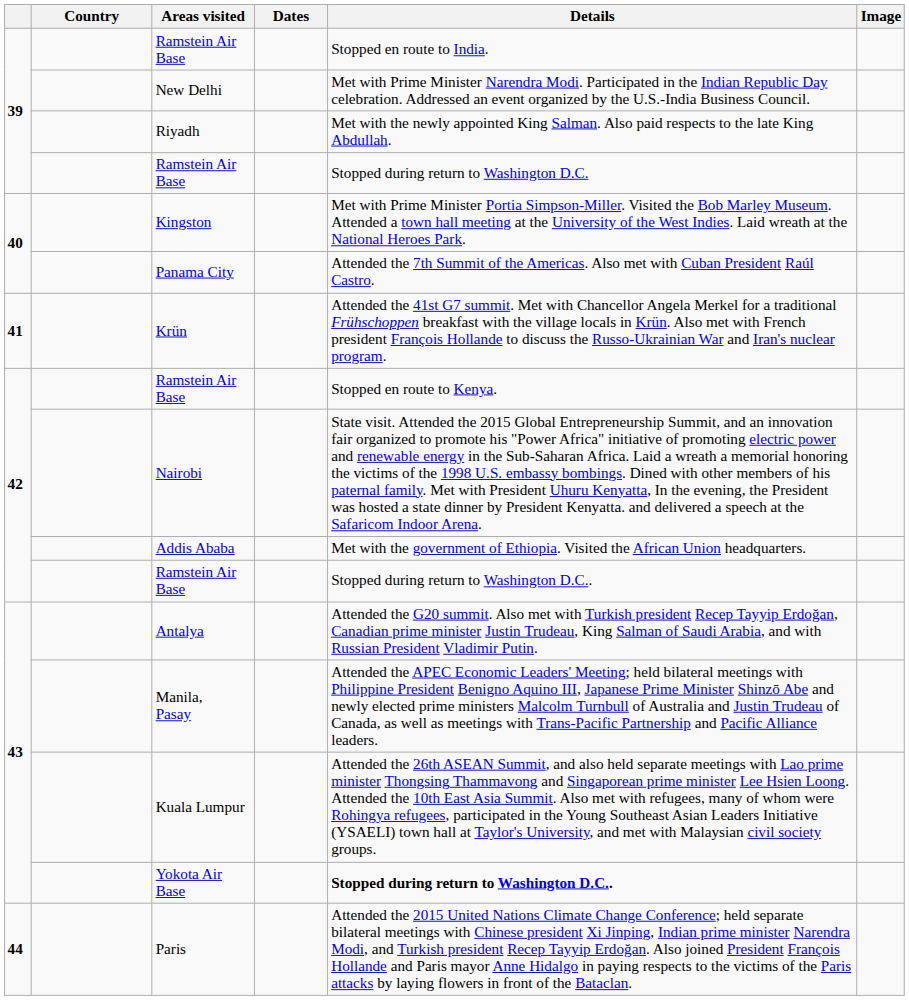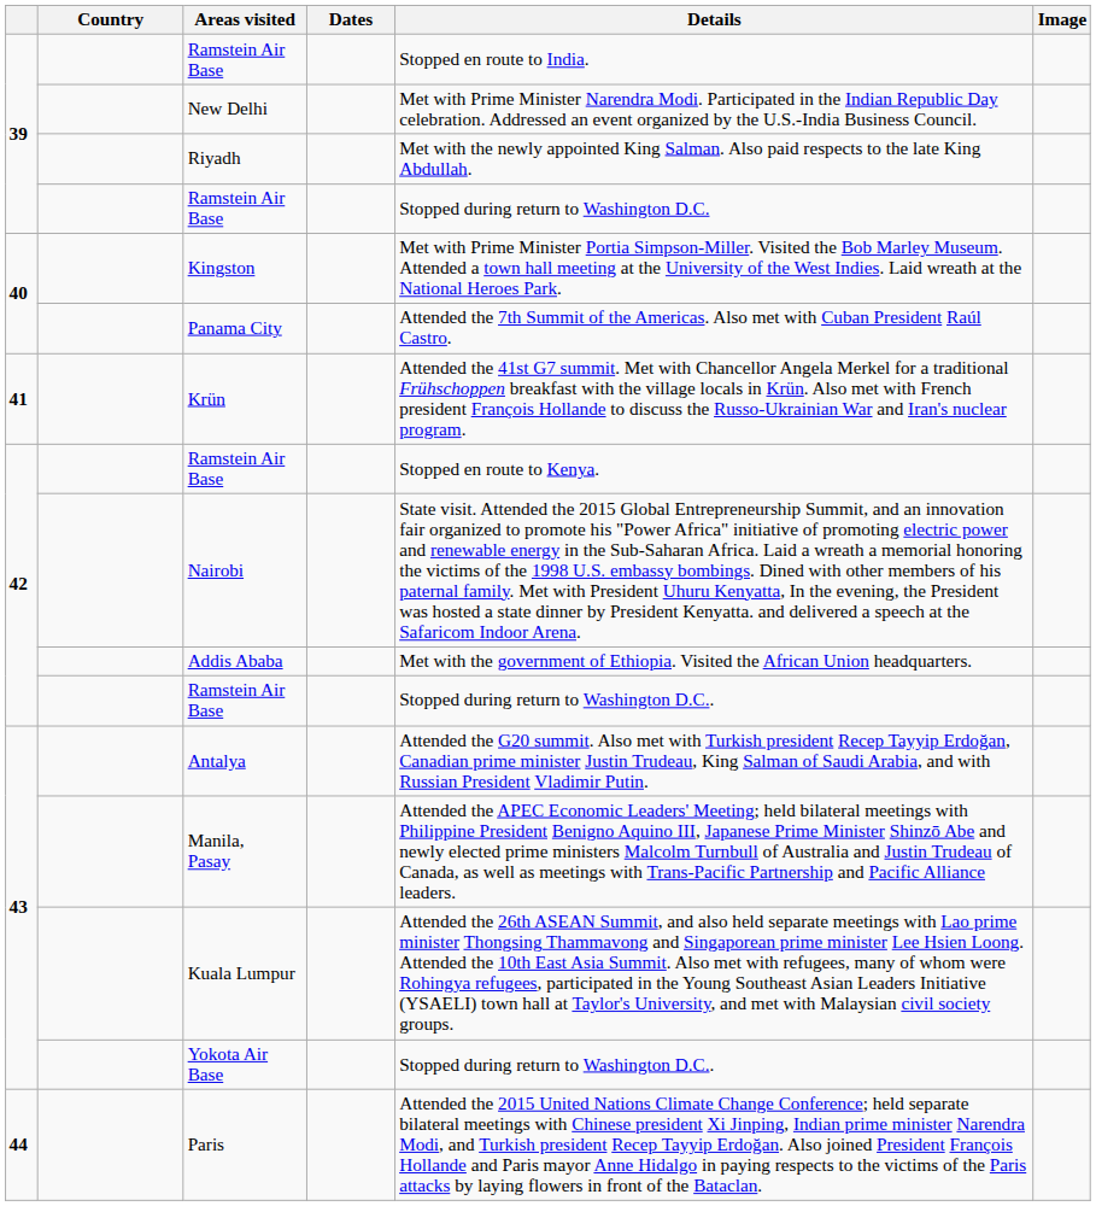 <table class="wikitable sortable" style="margin:1em auto 1em auto;">
 <tr>
 <th style="width: 3%;"></th>
 <th width=120>Country</th>
 <th width=100>Areas visited</th>
 <th width=70>Dates</th>
 <th width=550>Details</th>
 <th>Image</th>
 </tr>
 <tr>
 <td rowspan=4><strong>39</strong></td>
 <td></td>
 <td><a href='#'>Ramstein Air Base</a></td>
 <td></td>
 <td>Stopped en route to <a href='#'>India</a>.</td>
 <td></td>
 </tr>
 <tr>
 <td></td>
 <td>New Delhi</td>
 <td></td>
 <td>Met with Prime Minister <a href='#'>Narendra Modi</a>. Participated in the <a href='#'>Indian Republic Day</a> celebration. Addressed an event organized by the U.S.-India Business Council.</td>
 <td></td>
 </tr>
 <tr>
 <td></td>
 <td>Riyadh</td>
 <td></td>
 <td>Met with the newly appointed King <a href='#'>Salman</a>. Also paid respects to the late King <a href='#'>Abdullah</a>.</td>
 <td></td>
 </tr>
 <tr>
 <td></td>
 <td><a href='#'>Ramstein Air Base</a></td>
 <td></td>
 <td>Stopped during return to <a href='#'>Washington D.C.</a></td>
 <td></td>
 </tr>
 <tr>
 <td rowspan=2><strong>40</strong></td>
 <td></td>
 <td><a href='#'>Kingston</a></td>
 <td></td>
 <td>Met with Prime Minister <a href='#'>Portia Simpson-Miller</a>. Visited the <a href='#'>Bob Marley Museum</a>. Attended a <a href='#'>town hall meeting</a> at the <a href='#'>University of the West Indies</a>. Laid wreath at the <a href='#'>National Heroes Park</a>.</td>
 <td></td>
 </tr>
 <tr>
 <td></td>
 <td><a href='#'>Panama City</a></td>
 <td></td>
 <td>Attended the <a href='#'>7th Summit of the Americas</a>. Also met with <a href='#'>Cuban President</a> <a href='#'>Raúl Castro</a>.</td>
 <td></td>
 </tr>
 <tr>
 <td><strong>41</strong></td>
 <td></td>
 <td><a href='#'>Krün</a></td>
 <td></td>
 <td>Attended the <a href='#'>41st G7 summit</a>. Met with Chancellor Angela Merkel for a traditional <em><a href='#'>Frühschoppen</a></em> breakfast with the village locals in <a href='#'>Krün</a>. Also met with French president <a href='#'>François Hollande</a> to discuss the <a href='#'>Russo-Ukrainian War</a> and <a href='#'>Iran's nuclear program</a>.</td>
 <td></td>
 </tr>
 <tr>
 <td rowspan=4><strong>42</strong></td>
 <td></td>
 <td><a href='#'>Ramstein Air Base</a></td>
 <td></td>
 <td>Stopped en route to <a href='#'>Kenya</a>.</td>
 <td></td>
 </tr>
 <tr>
 <td></td>
 <td><a href='#'>Nairobi</a></td>
 <td></td>
 <td>State visit. Attended the 2015 Global Entrepreneurship Summit, and an innovation fair organized to promote his "Power Africa" initiative of promoting <a href='#'>electric power</a> and <a href='#'>renewable energy</a> in the Sub-Saharan Africa. Laid a wreath a memorial honoring the victims of the <a href='#'>1998 U.S. embassy bombings</a>. Dined with other members of his <a href='#'>paternal family</a>. Met with President <a href='#'>Uhuru Kenyatta</a>, In the evening, the President was hosted a state dinner by President Kenyatta. and delivered a speech at the <a href='#'>Safaricom Indoor Arena</a>.</td>
 <td></td>
 </tr>
 <tr>
 <td></td>
 <td><a href='#'>Addis Ababa</a></td>
 <td></td>
 <td>Met with the <a href='#'>government of Ethiopia</a>. Visited the <a href='#'>African Union</a> headquarters.</td>
 <td></td>
 </tr>
 <tr>
 <td></td>
 <td><a href='#'>Ramstein Air Base</a></td>
 <td></td>
 <td>Stopped during return to <a href='#'>Washington D.C.</a>.</td>
 <td></td>
 </tr>
 <tr>
 <td rowspan=4><strong>43</strong></td>
 <td></td>
 <td><a href='#'>Antalya</a></td>
 <td></td>
 <td>Attended the <a href='#'>G20 summit</a>. Also met with <a href='#'>Turkish president</a> <a href='#'>Recep Tayyip Erdoğan</a>, <a href='#'>Canadian prime minister</a> <a href='#'>Justin Trudeau</a>, King <a href='#'>Salman of Saudi Arabia</a>, and with <a href='#'>Russian President</a> <a href='#'>Vladimir Putin</a>.</td>
 <td></td>
 </tr>
 <tr>
 <td></td>
 <td>Manila,<br><a href='#'>Pasay</a></td>
 <td></td>
 <td>Attended the <a href='#'>APEC Economic Leaders' Meeting</a>; held bilateral meetings with <a href='#'>Philippine President</a> <a href='#'>Benigno Aquino III</a>, <a href='#'>Japanese Prime Minister</a> <a href='#'>Shinzō Abe</a> and newly elected prime ministers <a href='#'>Malcolm Turnbull</a> of Australia and <a href='#'>Justin Trudeau</a> of Canada, as well as meetings with <a href='#'>Trans-Pacific Partnership</a> and <a href='#'>Pacific Alliance</a> leaders.</td>
 <td></td>
 </tr>
 <tr>
 <td></td>
 <td>Kuala Lumpur</td>
 <td></td>
 <td>Attended the <a href='#'>26th ASEAN Summit</a>, and also held separate meetings with <a href='#'>Lao prime minister</a> <a href='#'>Thongsing Thammavong</a> and <a href='#'>Singaporean prime minister</a> <a href='#'>Lee Hsien Loong</a>. Attended the <a href='#'>10th East Asia Summit</a>. Also met with refugees, many of whom were <a href='#'>Rohingya refugees</a>, participated in the Young Southeast Asian Leaders Initiative (YSAELI) town hall at <a href='#'>Taylor's University</a>, and met with Malaysian <a href='#'>civil society</a> groups.</td>
 <td></td>
 </tr>
 <tr>
 <td></td>
 <td><a href='#'>Yokota Air Base</a></td>
 <td></td>
-<td><strong>Stopped during return to <a href='#'>Washington D.C.</a>.</strong></td>
+<td>Stopped during return to <a href='#'>Washington D.C.</a>.</td>
 <td></td>
 </tr>
 <tr>
 <td><strong>44</strong></td>
 <td></td>
 <td>Paris</td>
 <td></td>
 <td>Attended the <a href='#'>2015 United Nations Climate Change Conference</a>; held separate bilateral meetings with <a href='#'>Chinese president</a> <a href='#'>Xi Jinping</a>, <a href='#'>Indian prime minister</a> <a href='#'>Narendra Modi</a>, and <a href='#'>Turkish president</a> <a href='#'>Recep Tayyip Erdoğan</a>. Also joined <a href='#'>President</a> <a href='#'>François Hollande</a> and Paris mayor <a href='#'>Anne Hidalgo</a> in paying respects to the victims of the <a href='#'>Paris attacks</a> by laying flowers in front of the <a href='#'>Bataclan</a>.</td>
 <td></td>
 </tr>
 </table>
